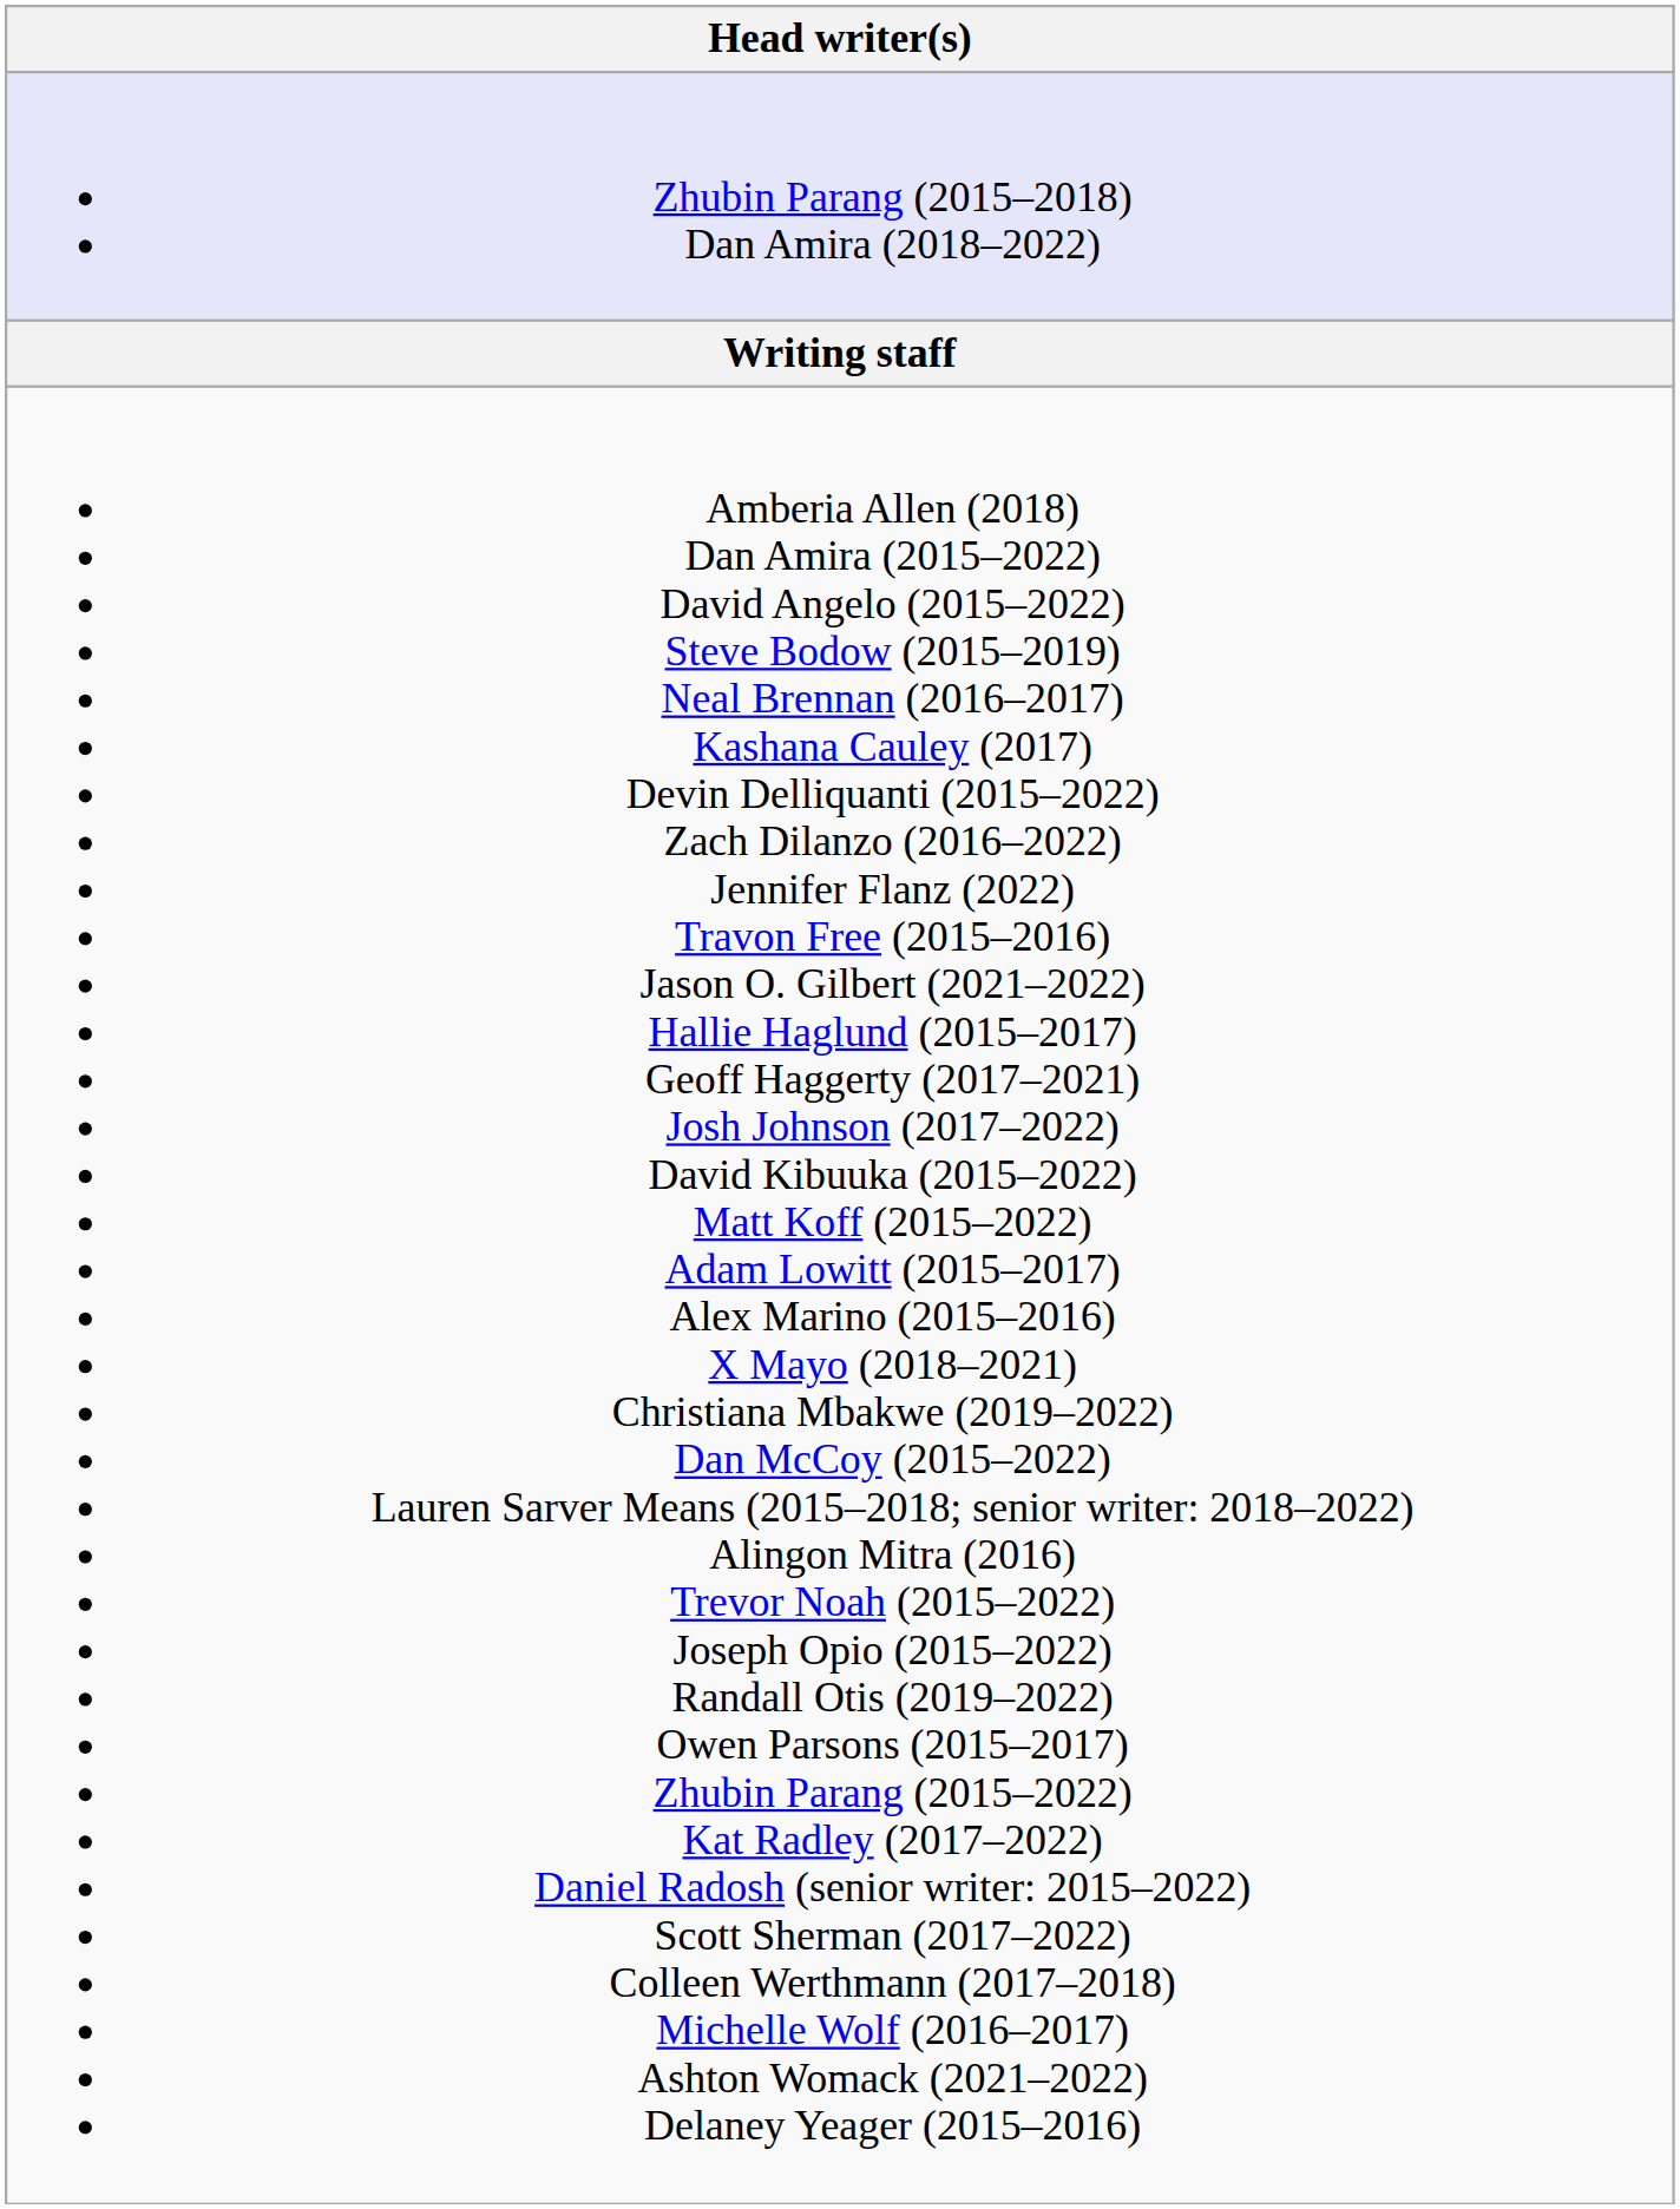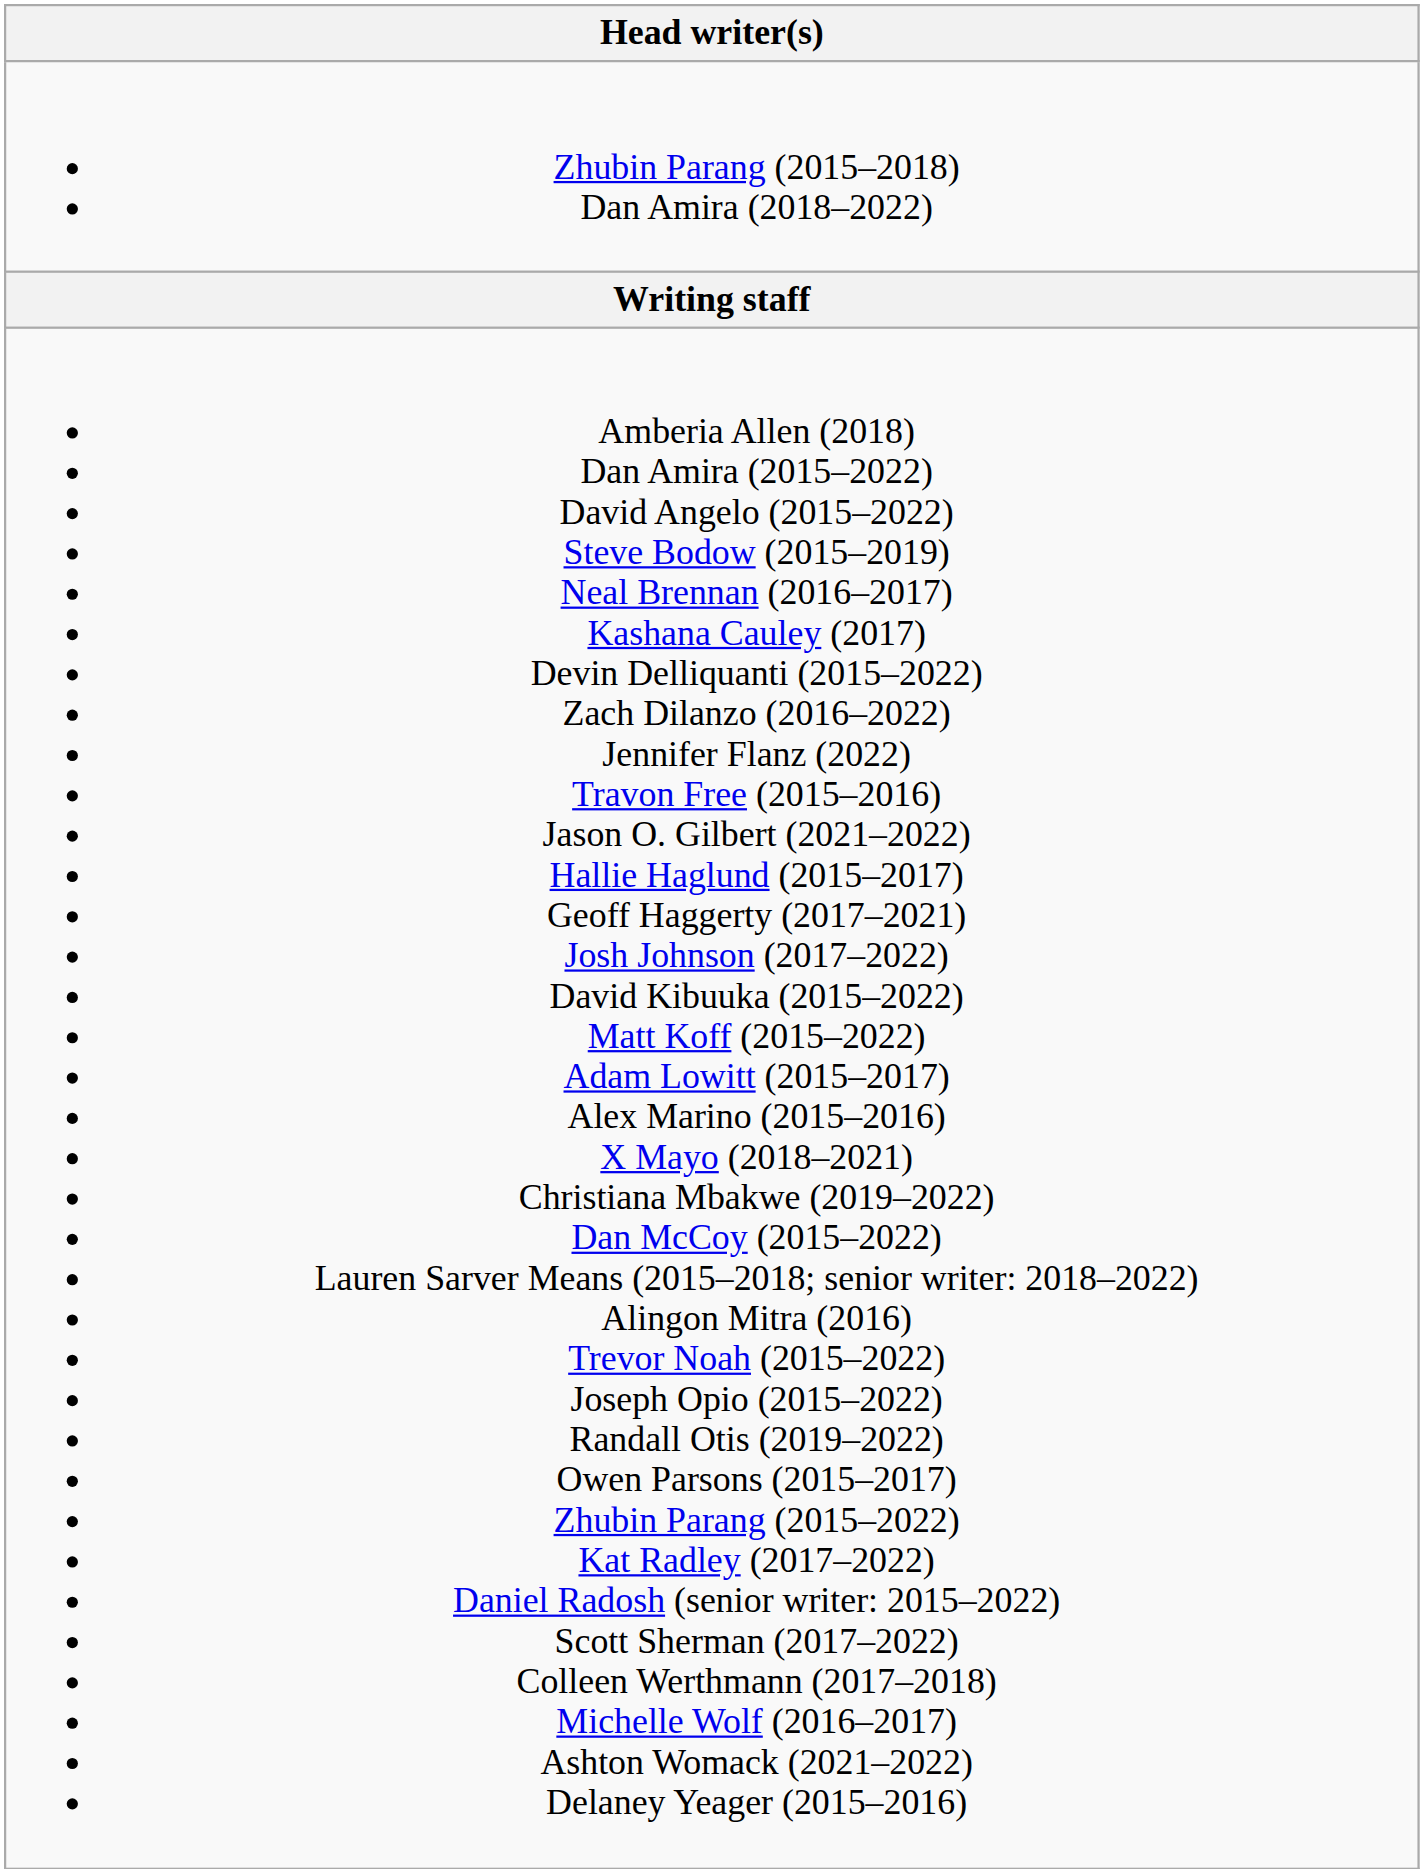 <table class="wikitable plainrowheaders"  style="text-align:center; width:50%;">
 <tr>
 <th><strong>Head writer(s)</strong></th>
 </tr>
 <tr>
-<td style="background: lavender;"><br><ul><li><a href='#'>Zhubin Parang</a> (2015–2018)</li><li>Dan Amira (2018–2022)</li></ul></td>
+<td><br><ul><li><a href='#'>Zhubin Parang</a> (2015–2018)</li><li>Dan Amira (2018–2022)</li></ul></td>
 </tr>
 <tr>
 <th><strong>Writing staff</strong></th>
 </tr>
 <tr>
 <td><br><ul><li>Amberia Allen (2018)</li><li>Dan Amira (2015–2022)</li><li>David Angelo (2015–2022)</li><li><a href='#'>Steve Bodow</a> (2015–2019)</li><li><a href='#'>Neal Brennan</a> (2016–2017)</li><li><a href='#'>Kashana Cauley</a> (2017)</li><li>Devin Delliquanti (2015–2022)</li><li>Zach Dilanzo (2016–2022)</li><li>Jennifer Flanz (2022)</li><li><a href='#'>Travon Free</a> (2015–2016)</li><li>Jason O. Gilbert (2021–2022)</li><li><a href='#'>Hallie Haglund</a> (2015–2017)</li><li>Geoff Haggerty (2017–2021)</li><li><a href='#'>Josh Johnson</a> (2017–2022)</li><li>David Kibuuka (2015–2022)</li><li><a href='#'>Matt Koff</a> (2015–2022)</li><li><a href='#'>Adam Lowitt</a> (2015–2017)</li><li>Alex Marino (2015–2016)</li><li><a href='#'>X Mayo</a> (2018–2021)</li><li>Christiana Mbakwe (2019–2022)</li><li><a href='#'>Dan McCoy</a> (2015–2022)</li><li>Lauren Sarver Means (2015–2018; senior writer: 2018–2022)</li><li>Alingon Mitra (2016)</li><li><a href='#'>Trevor Noah</a> (2015–2022)</li><li>Joseph Opio (2015–2022)</li><li>Randall Otis (2019–2022)</li><li>Owen Parsons (2015–2017)</li><li><a href='#'>Zhubin Parang</a> (2015–2022)</li><li><a href='#'>Kat Radley</a> (2017–2022)</li><li><a href='#'>Daniel Radosh</a> (senior writer: 2015–2022)</li><li>Scott Sherman (2017–2022)</li><li>Colleen Werthmann (2017–2018)</li><li><a href='#'>Michelle Wolf</a> (2016–2017)</li><li>Ashton Womack (2021–2022)</li><li>Delaney Yeager (2015–2016)</li></ul></td>
 </tr>
 </table>
